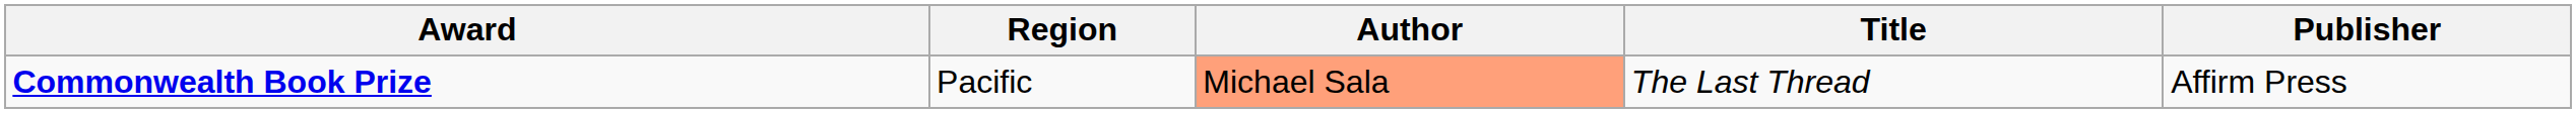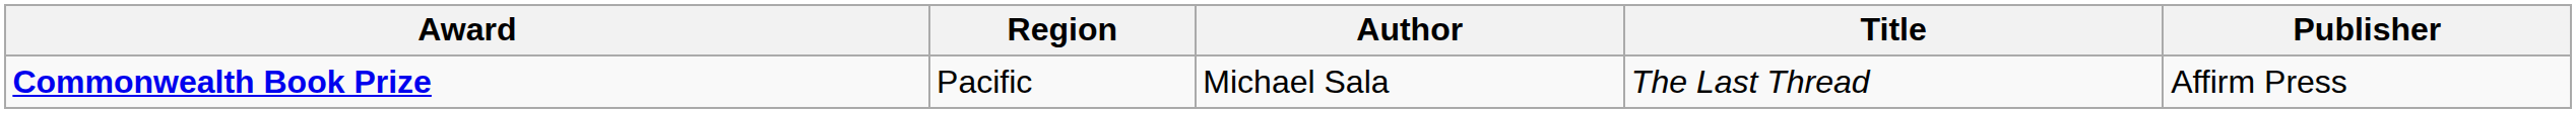 <table class="wikitable" width=100%>
 <tr>
 <th>Award</th>
 <th>Region</th>
 <th>Author</th>
 <th>Title</th>
 <th>Publisher</th>
 </tr>
 <tr>
 <td><strong><a href='#'>Commonwealth Book Prize</a></strong></td>
 <td>Pacific</td>
-<td style="background: lightsalmon;">Michael Sala</td>
+<td>Michael Sala</td>
 <td><em>The Last Thread</em></td>
 <td>Affirm Press</td>
 </tr>
 <tr>
 </tr>
 </table>
